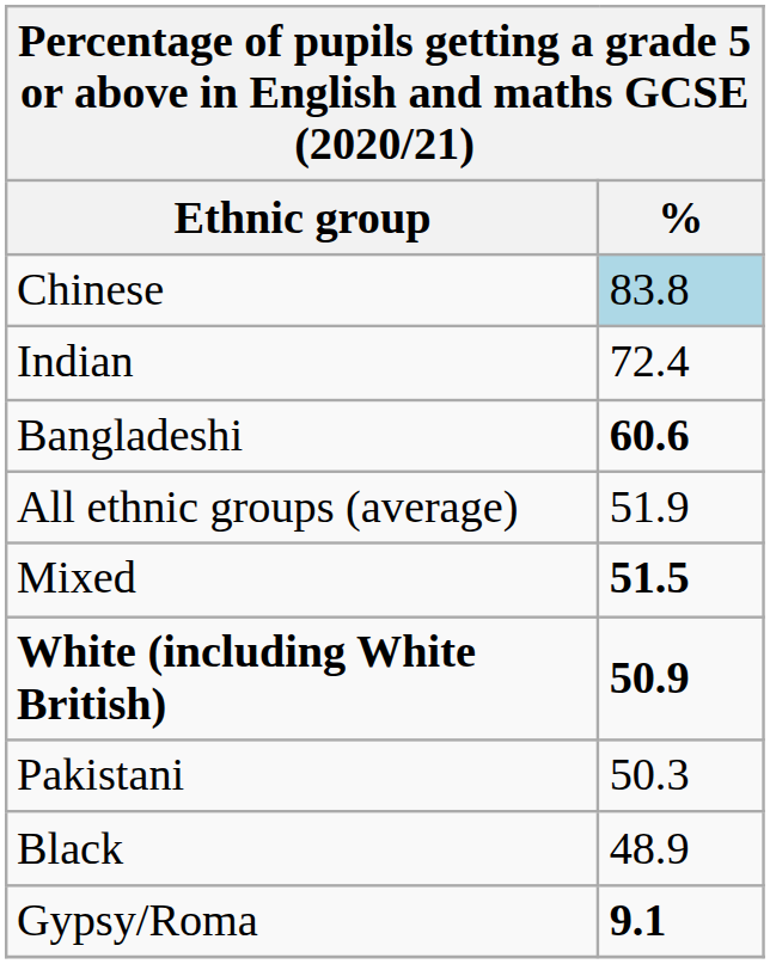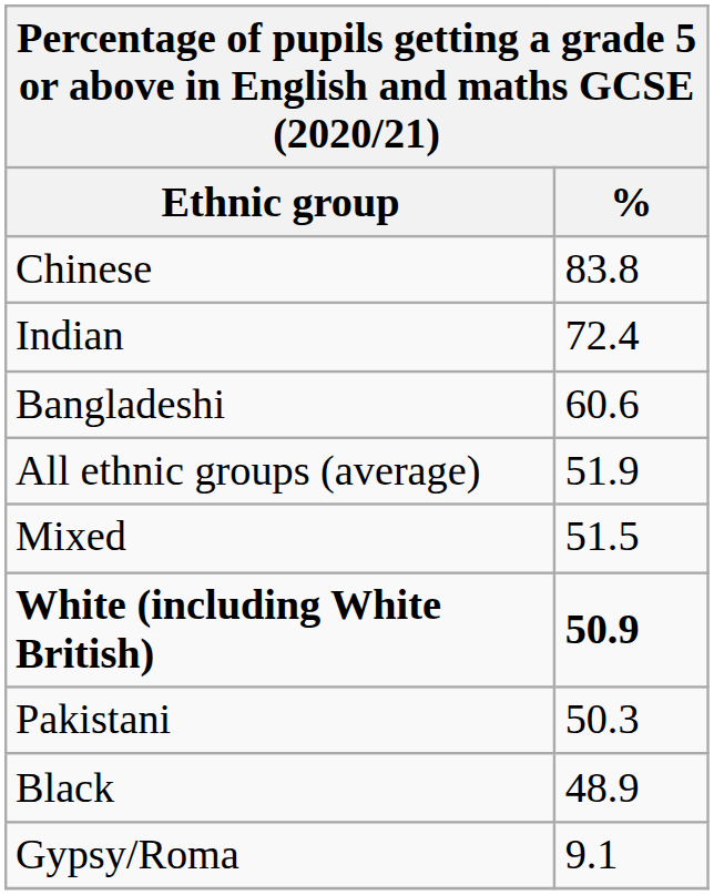 <table class="wikitable sortable">
 <tr>
 <th colspan="3">Percentage of pupils getting a grade 5 or above in English and maths GCSE (2020/21)</th>
 </tr>
 <tr>
 <th width=200>Ethnic group</th>
 <th width=50>%</th>
 </tr>
 <tr>
 <td>Chinese</td>
-<td style="background: lightblue;">83.8</td>
+<td>83.8</td>
 </tr>
 <tr>
 <td>Indian</td>
 <td>72.4</td>
 </tr>
 <tr>
 <td>Bangladeshi</td>
-<td><strong>60.6</strong></td>
+<td>60.6</td>
 </tr>
 <tr>
 <td>All ethnic groups (average)</td>
 <td>51.9</td>
 </tr>
 <tr>
 <td>Mixed</td>
-<td><strong>51.5</strong></td>
+<td>51.5</td>
 </tr>
 <tr>
 <td><strong>White (including White British)</strong></td>
 <td><strong>50.9</strong></td>
 </tr>
 <tr>
 <td>Pakistani</td>
 <td>50.3</td>
 </tr>
 <tr>
 <td>Black</td>
 <td>48.9</td>
 </tr>
 <tr>
 <td>Gypsy/Roma</td>
-<td><strong>9.1</strong></td>
+<td>9.1</td>
 </tr>
 <tr>
 </tr>
 </table>
